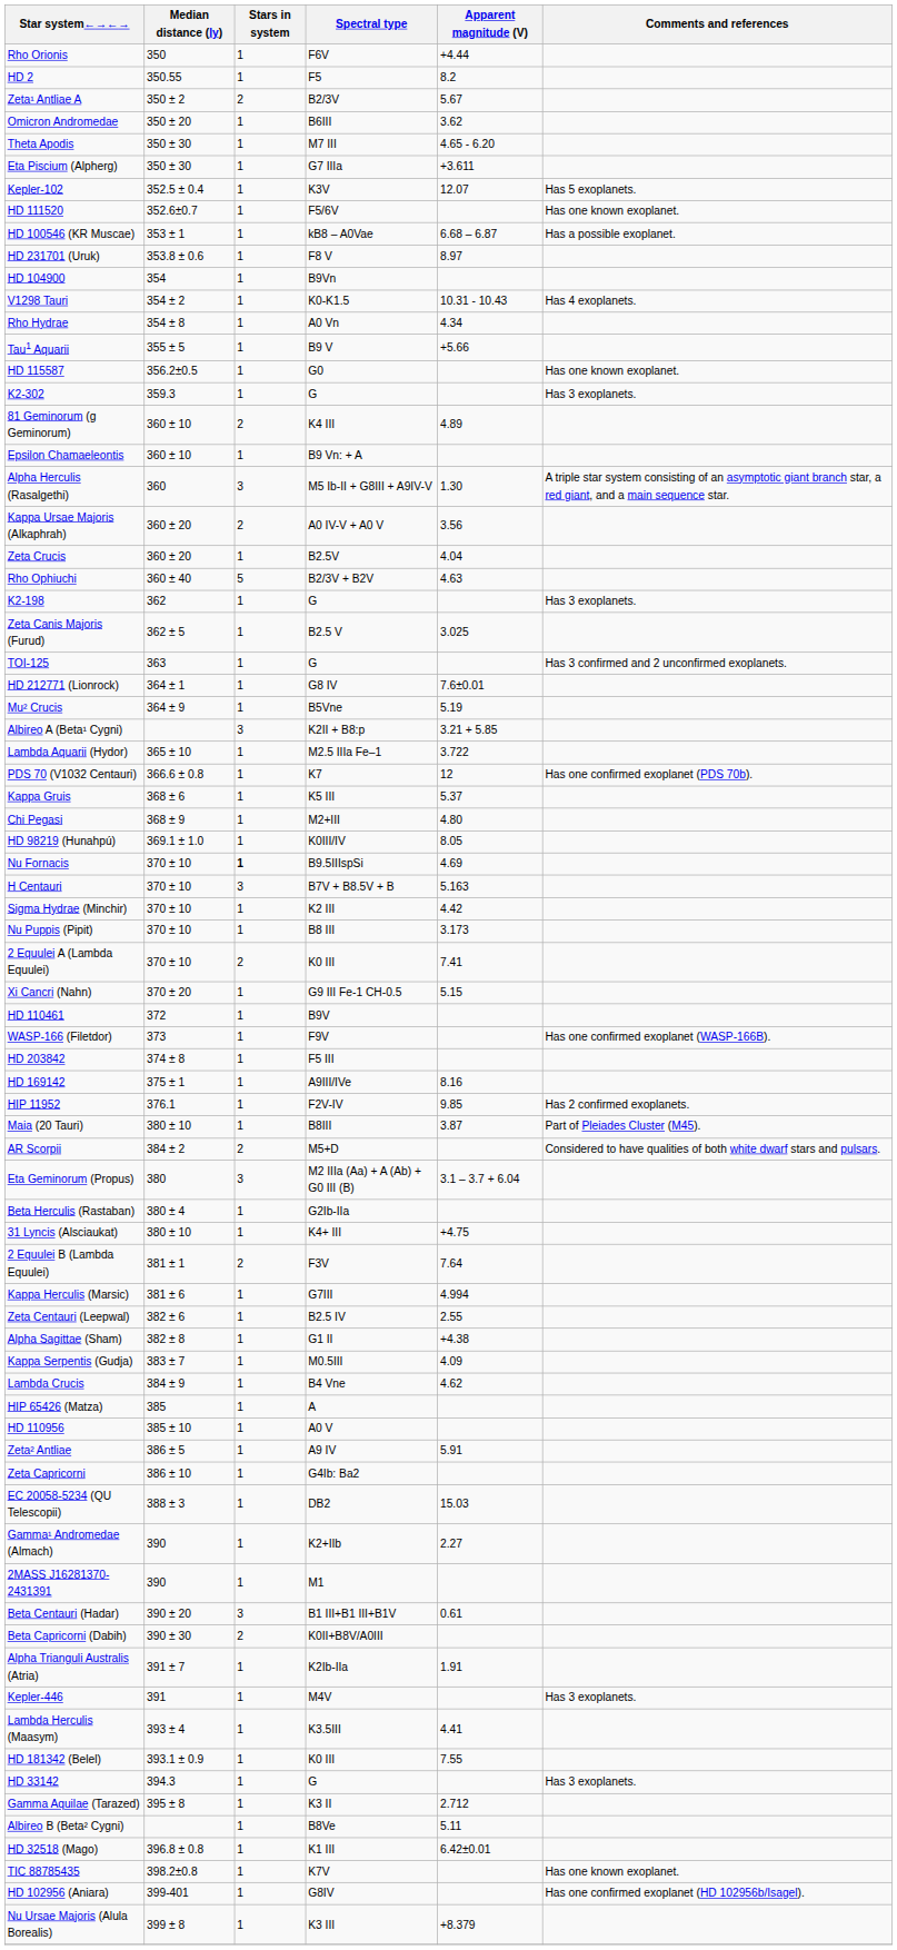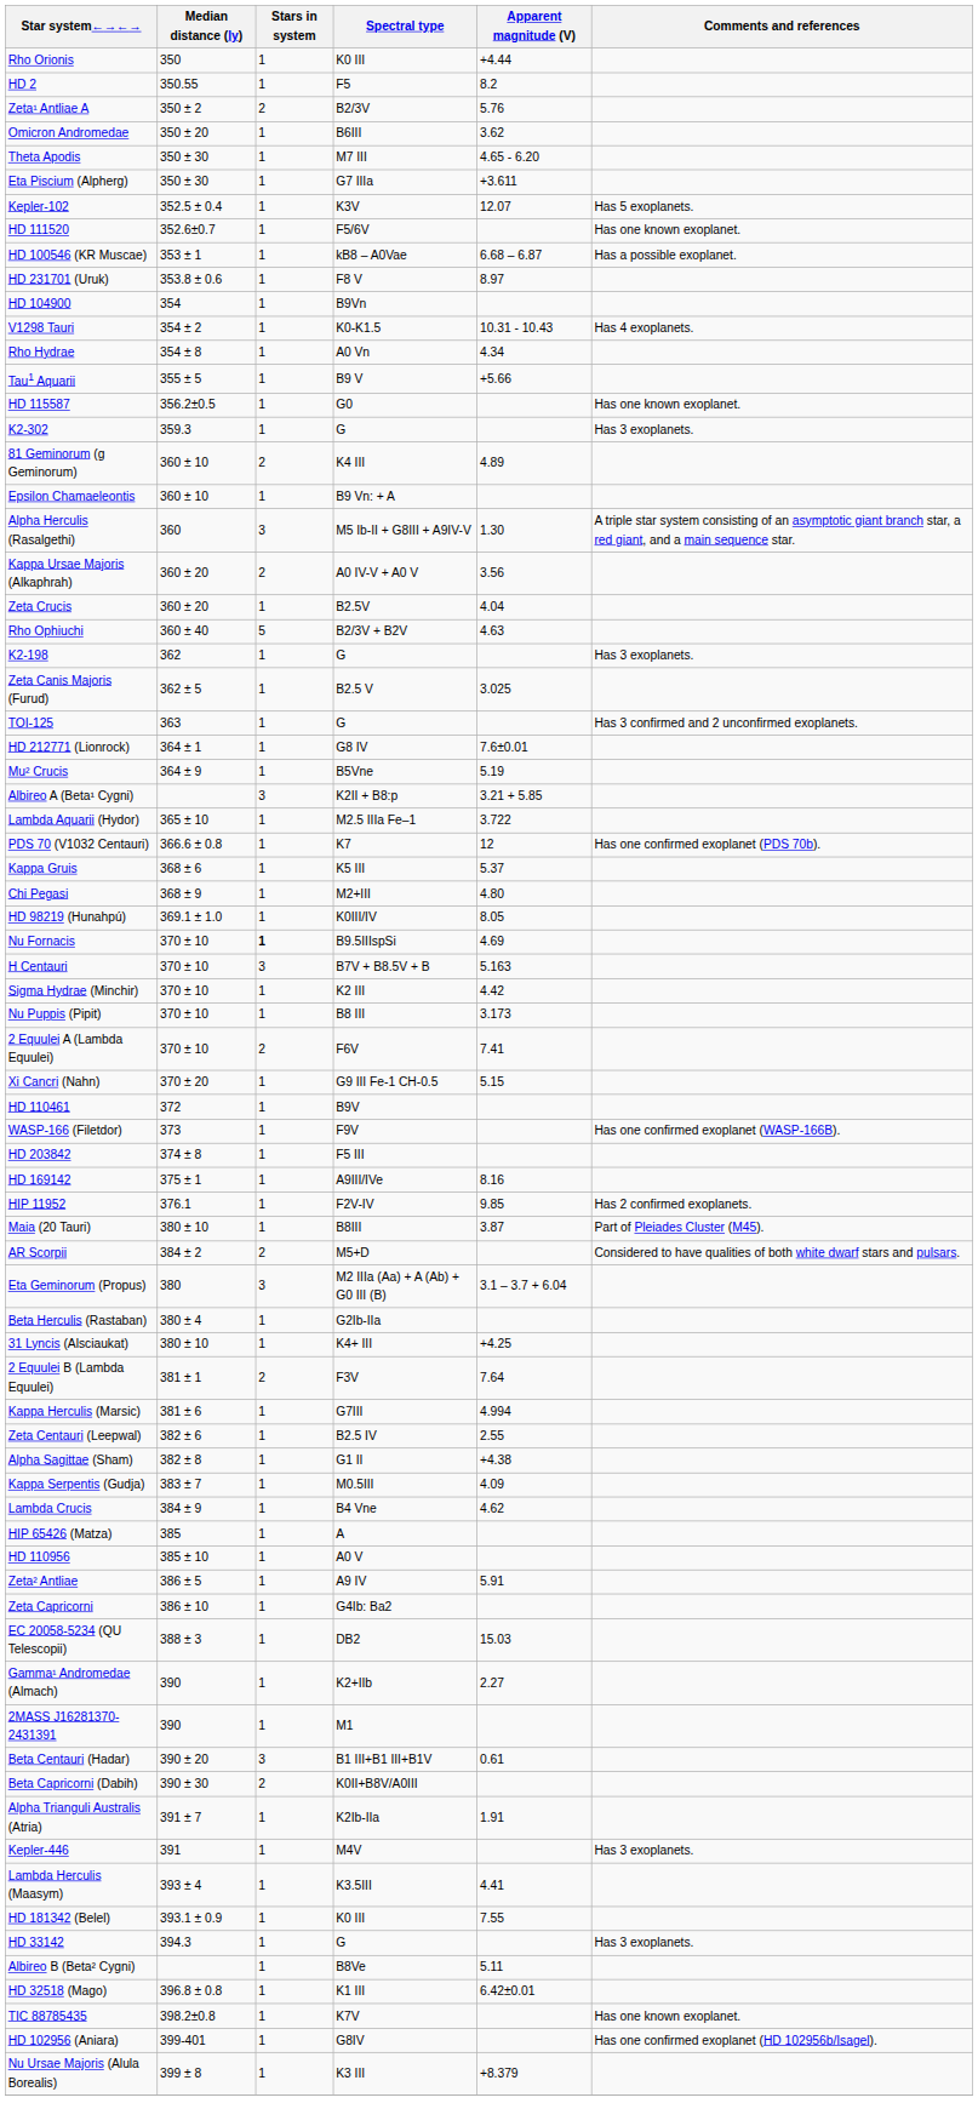 <table class="wikitable sortable" style="font-size:1.00em; line-height:1.5em; position:relative;">
 <tr>
 <th scope="col">Star system<span><a href='#'>←</a></span><span><a href='#'>→</a></span><span><a href='#'>←</a></span><span><a href='#'>→</a></span></th>
 <th scope="col">Median distance (<a href='#'>ly</a>)</th>
 <th scope="col">Stars in system</th>
 <th scope="col"><a href='#'>Spectral type</a></th>
 <th scope="col"><a href='#'>Apparent magnitude</a> (V)</th>
 <th scope="col">Comments and references</th>
 </tr>
 <tr>
 <td><a href='#'>Rho Orionis</a></td>
 <td>350</td>
 <td>1</td>
-<td style="background: ">F6V</td>
+<td style="background: ">K0 III</td>
 <td>+4.44</td>
 <td></td>
 </tr>
 <tr>
 <td><a href='#'>HD 2</a></td>
 <td>350.55</td>
 <td>1</td>
 <td style="background: ">F5</td>
 <td>8.2</td>
 <td></td>
 </tr>
 <tr>
 <td><a href='#'>Zeta¹ Antliae A</a></td>
 <td>350 ± 2</td>
 <td>2</td>
 <td style="background: ">B2/3V</td>
-<td>5.67</td>
+<td>5.76</td>
 <td></td>
 </tr>
 <tr>
 <td><a href='#'>Omicron Andromedae</a></td>
 <td>350 ± 20</td>
 <td>1</td>
 <td style="background: ">B6III</td>
 <td>3.62</td>
 <td></td>
 </tr>
 <tr>
 <td><a href='#'>Theta Apodis</a></td>
 <td>350 ± 30</td>
 <td>1</td>
 <td style="background: ">M7 III</td>
 <td>4.65 - 6.20</td>
 <td></td>
 </tr>
 <tr>
 <td><a href='#'>Eta Piscium</a> (Alpherg)</td>
 <td>350 ± 30</td>
 <td>1</td>
 <td style="background: ">G7 IIIa</td>
 <td>+3.611</td>
 <td></td>
 </tr>
 <tr>
 <td><a href='#'>Kepler-102</a></td>
 <td>352.5 ± 0.4</td>
 <td>1</td>
 <td style="background: ">K3V</td>
 <td>12.07</td>
 <td>Has 5 exoplanets.</td>
 </tr>
 <tr>
 <td><a href='#'>HD 111520</a></td>
 <td>352.6±0.7</td>
 <td>1</td>
 <td style="background: ">F5/6V</td>
 <td></td>
 <td>Has one known exoplanet.</td>
 </tr>
 <tr>
 <td><a href='#'>HD 100546</a> (KR Muscae)</td>
 <td>353 ± 1</td>
 <td>1</td>
 <td style="background: ">kB8 – A0Vae</td>
 <td>6.68 – 6.87</td>
 <td>Has a possible exoplanet.</td>
 </tr>
 <tr>
 <td><a href='#'>HD 231701</a> (Uruk)</td>
 <td>353.8 ± 0.6</td>
 <td>1</td>
 <td style="background: ">F8 V</td>
 <td>8.97</td>
 <td></td>
 </tr>
 <tr>
 <td><a href='#'>HD 104900</a></td>
 <td>354</td>
 <td>1</td>
 <td style="background: ">B9Vn</td>
 <td></td>
 <td></td>
 </tr>
 <tr>
 <td><a href='#'>V1298 Tauri</a></td>
 <td>354 ± 2</td>
 <td>1</td>
 <td style="background: ">K0-K1.5</td>
 <td>10.31 - 10.43</td>
 <td>Has 4 exoplanets.</td>
 </tr>
 <tr>
 <td><a href='#'>Rho Hydrae</a></td>
 <td>354 ± 8</td>
 <td>1</td>
 <td style="background: ">A0 Vn</td>
 <td>4.34</td>
 <td></td>
 </tr>
 <tr>
 <td><a href='#'>Tau<sup>1</sup> Aquarii</a></td>
 <td>355 ± 5</td>
 <td>1</td>
 <td style="background: ">B9 V</td>
 <td>+5.66</td>
 <td></td>
 </tr>
 <tr>
 <td><a href='#'>HD 115587</a></td>
 <td>356.2±0.5</td>
 <td>1</td>
 <td style="background: ">G0</td>
 <td></td>
 <td>Has one known exoplanet.</td>
 </tr>
 <tr>
 <td><a href='#'>K2-302</a></td>
 <td>359.3</td>
 <td>1</td>
 <td style="background: ">G</td>
 <td></td>
 <td>Has 3 exoplanets.</td>
 </tr>
 <tr>
 <td><a href='#'>81 Geminorum</a> (g Geminorum)</td>
 <td>360 ± 10</td>
 <td>2</td>
 <td style="background: ">K4 III</td>
 <td>4.89</td>
 <td></td>
 </tr>
 <tr>
 <td><a href='#'>Epsilon Chamaeleontis</a></td>
 <td>360 ± 10</td>
 <td>1</td>
 <td style="background: ">B9 Vn: + A</td>
 <td></td>
 <td></td>
 </tr>
 <tr>
 <td><a href='#'>Alpha Herculis</a> (Rasalgethi)</td>
 <td>360</td>
 <td>3</td>
 <td style="background: ">M5 Ib-II + G8III + A9IV-V</td>
 <td>1.30</td>
 <td>A triple star system consisting of an <a href='#'>asymptotic giant branch</a> star, a <a href='#'>red giant</a>, and a <a href='#'>main sequence</a> star.</td>
 </tr>
 <tr>
 <td><a href='#'>Kappa Ursae Majoris</a> (Alkaphrah)</td>
 <td>360 ± 20</td>
 <td>2</td>
 <td style="background: ">A0 IV-V + A0 V</td>
 <td>3.56</td>
 <td></td>
 </tr>
 <tr>
 <td><a href='#'>Zeta Crucis</a></td>
 <td>360 ± 20</td>
 <td>1</td>
 <td style="background: ">B2.5V</td>
 <td>4.04</td>
 <td></td>
 </tr>
 <tr>
 <td><a href='#'>Rho Ophiuchi</a></td>
 <td>360 ± 40</td>
 <td>5</td>
 <td style="background: ">B2/3V + B2V</td>
 <td>4.63</td>
 <td></td>
 </tr>
 <tr>
 <td><a href='#'>K2-198</a></td>
 <td>362</td>
 <td>1</td>
 <td style="background: ">G</td>
 <td></td>
 <td>Has 3 exoplanets.</td>
 </tr>
 <tr>
 <td><a href='#'>Zeta Canis Majoris</a> (Furud)</td>
 <td>362 ± 5</td>
 <td>1</td>
 <td style="background: ">B2.5 V</td>
 <td>3.025</td>
 <td></td>
 </tr>
 <tr>
 <td><a href='#'>TOI-125</a></td>
 <td>363</td>
 <td>1</td>
 <td style="background: ">G</td>
 <td></td>
 <td>Has 3 confirmed and 2 unconfirmed exoplanets.</td>
 </tr>
 <tr>
 <td><a href='#'>HD 212771</a> (Lionrock)</td>
 <td>364 ± 1</td>
 <td>1</td>
 <td style="background: ">G8 IV</td>
 <td>7.6±0.01</td>
 <td></td>
 </tr>
 <tr>
 <td><a href='#'>Mu² Crucis</a></td>
 <td>364 ± 9</td>
 <td>1</td>
 <td style="background: ">B5Vne</td>
 <td>5.19</td>
 <td></td>
 </tr>
 <tr>
 <td><a href='#'>Albireo</a> A (Beta¹ Cygni)</td>
 <td></td>
 <td>3</td>
 <td style="background: ">K2II + B8:p</td>
 <td>3.21 + 5.85</td>
 <td></td>
 </tr>
 <tr>
 <td><a href='#'>Lambda Aquarii</a> (Hydor)</td>
 <td>365 ± 10</td>
 <td>1</td>
 <td style="background: ">M2.5 IIIa Fe–1</td>
 <td>3.722</td>
 <td></td>
 </tr>
 <tr>
 <td><a href='#'>PDS 70</a> (V1032 Centauri)</td>
 <td>366.6 ± 0.8</td>
 <td>1</td>
 <td style="background: ">K7</td>
 <td>12</td>
 <td>Has one confirmed exoplanet (<a href='#'>PDS 70b</a>).</td>
 </tr>
 <tr>
 <td><a href='#'>Kappa Gruis</a></td>
 <td>368 ± 6</td>
 <td>1</td>
 <td style="background: ">K5 III</td>
 <td>5.37</td>
 <td></td>
 </tr>
 <tr>
 <td><a href='#'>Chi Pegasi</a></td>
 <td>368 ± 9</td>
 <td>1</td>
 <td style="background: ">M2+III</td>
 <td>4.80</td>
 <td></td>
 </tr>
 <tr>
 <td><a href='#'>HD 98219</a> (Hunahpú)</td>
 <td>369.1 ± 1.0</td>
 <td>1</td>
 <td style="background: ">K0III/IV</td>
 <td>8.05</td>
 <td></td>
 </tr>
 <tr>
 <td><a href='#'>Nu Fornacis</a></td>
 <td>370 ± 10</td>
 <td><strong>1</strong></td>
 <td style="background: ">B9.5IIIspSi</td>
 <td>4.69</td>
 <td></td>
 </tr>
 <tr>
 <td><a href='#'>H Centauri</a></td>
 <td>370 ± 10</td>
 <td>3</td>
 <td style="background: ">B7V + B8.5V + B</td>
 <td>5.163</td>
 <td></td>
 </tr>
 <tr>
 <td><a href='#'>Sigma Hydrae</a> (Minchir)</td>
 <td>370 ± 10</td>
 <td>1</td>
 <td style="background: ">K2 III</td>
 <td>4.42</td>
 <td></td>
 </tr>
 <tr>
 <td><a href='#'>Nu Puppis</a> (Pipit)</td>
 <td>370 ± 10</td>
 <td>1</td>
 <td style="background: ">B8 III</td>
 <td>3.173</td>
 <td></td>
 </tr>
 <tr>
 <td><a href='#'>2 Equulei</a> A (Lambda Equulei)</td>
 <td>370 ± 10</td>
 <td>2</td>
-<td style="background: ">K0 III</td>
+<td style="background: ">F6V</td>
 <td>7.41</td>
 <td></td>
 </tr>
 <tr>
 <td><a href='#'>Xi Cancri</a> (Nahn)</td>
 <td>370 ± 20</td>
 <td>1</td>
 <td style="background: ">G9 III Fe-1 CH-0.5</td>
 <td>5.15</td>
 <td></td>
 </tr>
 <tr>
 <td><a href='#'>HD 110461</a></td>
 <td>372</td>
 <td>1</td>
 <td style="background: ">B9V</td>
 <td></td>
 <td></td>
 </tr>
 <tr>
 <td><a href='#'>WASP-166</a> (Filetdor)</td>
 <td>373</td>
 <td>1</td>
 <td style="background: ">F9V</td>
 <td></td>
 <td>Has one confirmed exoplanet (<a href='#'>WASP-166B</a>).</td>
 </tr>
 <tr>
 <td><a href='#'>HD 203842</a></td>
 <td>374 ± 8</td>
 <td>1</td>
 <td style="background: ">F5 III</td>
 <td></td>
 <td></td>
 </tr>
 <tr>
 <td><a href='#'>HD 169142</a></td>
 <td>375 ± 1</td>
 <td>1</td>
 <td style="background: ">A9III/IVe</td>
 <td>8.16</td>
 <td></td>
 </tr>
 <tr>
 <td><a href='#'>HIP 11952</a></td>
 <td>376.1</td>
 <td>1</td>
 <td style="background: ">F2V-IV</td>
 <td>9.85</td>
 <td>Has 2 confirmed exoplanets.</td>
 </tr>
 <tr>
 <td><a href='#'>Maia</a> (20 Tauri)</td>
 <td>380 ± 10</td>
 <td>1</td>
 <td style="background: ">B8III</td>
 <td>3.87</td>
 <td>Part of <a href='#'>Pleiades Cluster</a> (<a href='#'>M45</a>).</td>
 </tr>
 <tr>
 <td><a href='#'>AR Scorpii</a></td>
 <td>384 ± 2</td>
 <td>2</td>
 <td style="background: ">M5+D</td>
 <td></td>
 <td>Considered to have qualities of both <a href='#'>white dwarf</a> stars and <a href='#'>pulsars</a>.</td>
 </tr>
 <tr>
 <td><a href='#'>Eta Geminorum</a> (Propus)</td>
 <td>380</td>
 <td>3</td>
 <td style="background: ">M2 IIIa (Aa) + A (Ab) + G0 III (B)</td>
 <td>3.1 – 3.7 + 6.04</td>
 <td></td>
 </tr>
 <tr>
 <td><a href='#'>Beta Herculis</a> (Rastaban)</td>
 <td>380 ± 4</td>
 <td>1</td>
 <td style="background: ">G2Ib-IIa</td>
 <td></td>
 <td></td>
 </tr>
 <tr>
 <td><a href='#'>31 Lyncis</a> (Alsciaukat)</td>
 <td>380 ± 10</td>
 <td>1</td>
 <td style="background: ">K4+ III</td>
-<td>+4.75</td>
+<td>+4.25</td>
 <td></td>
 </tr>
 <tr>
 <td><a href='#'>2 Equulei</a> B (Lambda Equulei)</td>
 <td>381 ± 1</td>
 <td>2</td>
 <td style="background: ">F3V</td>
 <td>7.64</td>
 <td></td>
 </tr>
 <tr>
 <td><a href='#'>Kappa Herculis</a> (Marsic)</td>
 <td>381 ± 6</td>
 <td>1</td>
 <td style="background: ">G7III</td>
 <td>4.994</td>
 <td></td>
 </tr>
 <tr>
 <td><a href='#'>Zeta Centauri</a> (Leepwal)</td>
 <td>382 ± 6</td>
 <td>1</td>
 <td style="background: ">B2.5 IV</td>
 <td>2.55</td>
 <td></td>
 </tr>
 <tr>
 <td><a href='#'>Alpha Sagittae</a> (Sham)</td>
 <td>382 ± 8</td>
 <td>1</td>
 <td style="background: ">G1 II</td>
 <td>+4.38</td>
 <td></td>
 </tr>
 <tr>
 <td><a href='#'>Kappa Serpentis</a> (Gudja)</td>
 <td>383 ± 7</td>
 <td>1</td>
 <td style="background: ">M0.5III</td>
 <td>4.09</td>
 <td></td>
 </tr>
 <tr>
 <td><a href='#'>Lambda Crucis</a></td>
 <td>384 ± 9</td>
 <td>1</td>
 <td style="background: ">B4 Vne</td>
 <td>4.62</td>
 <td></td>
 </tr>
 <tr>
 <td><a href='#'>HIP 65426</a> (Matza)</td>
 <td>385</td>
 <td>1</td>
 <td style="background: ">A</td>
 <td></td>
 <td></td>
 </tr>
 <tr>
 <td><a href='#'>HD 110956</a></td>
 <td>385 ± 10</td>
 <td>1</td>
 <td style="background: ">A0 V</td>
 <td></td>
 <td></td>
 </tr>
 <tr>
 <td><a href='#'>Zeta² Antliae</a></td>
 <td>386 ± 5</td>
 <td>1</td>
 <td style="background: ">A9 IV</td>
 <td>5.91</td>
 <td></td>
 </tr>
 <tr>
 <td><a href='#'>Zeta Capricorni</a></td>
 <td>386 ± 10</td>
 <td>1</td>
 <td style="background: ">G4Ib: Ba2</td>
 <td></td>
 <td></td>
 </tr>
 <tr>
 <td><a href='#'>EC 20058-5234</a> (QU Telescopii)</td>
 <td>388 ± 3</td>
 <td>1</td>
 <td style="background: ">DB2</td>
 <td>15.03</td>
 <td></td>
 </tr>
 <tr>
 <td><a href='#'>Gamma¹ Andromedae</a> (Almach)</td>
 <td>390</td>
 <td>1</td>
 <td style="background: ">K2+IIb</td>
 <td>2.27</td>
 <td></td>
 </tr>
 <tr>
 <td><a href='#'>2MASS J16281370-2431391</a></td>
 <td>390</td>
 <td>1</td>
 <td style="background: ">M1</td>
 <td></td>
 <td></td>
 </tr>
 <tr>
 <td><a href='#'>Beta Centauri</a> (Hadar)</td>
 <td>390 ± 20</td>
 <td>3</td>
 <td style="background: ">B1 III+B1 III+B1V</td>
 <td>0.61</td>
 <td></td>
 </tr>
 <tr>
 <td><a href='#'>Beta Capricorni</a> (Dabih)</td>
 <td>390 ± 30</td>
 <td>2</td>
 <td style="background: ">K0II+B8V/A0III</td>
 <td></td>
 <td></td>
 </tr>
 <tr>
 <td><a href='#'>Alpha Trianguli Australis</a> (Atria)</td>
 <td>391 ± 7</td>
 <td>1</td>
 <td style="background: ">K2Ib-IIa</td>
 <td>1.91</td>
 <td></td>
 </tr>
 <tr>
 <td><a href='#'>Kepler-446</a></td>
 <td>391</td>
 <td>1</td>
 <td style="background: ">M4V</td>
 <td></td>
 <td>Has 3 exoplanets.</td>
 </tr>
 <tr>
 <td><a href='#'>Lambda Herculis</a> (Maasym)</td>
 <td>393 ± 4</td>
 <td>1</td>
 <td style="background: ">K3.5III</td>
 <td>4.41</td>
 <td></td>
 </tr>
 <tr>
 <td><a href='#'>HD 181342</a> (Belel)</td>
 <td>393.1 ± 0.9</td>
 <td>1</td>
 <td style="background: ">K0 III</td>
 <td>7.55</td>
 <td></td>
 </tr>
 <tr>
 <td><a href='#'>HD 33142</a></td>
 <td>394.3</td>
 <td>1</td>
 <td style="background: ">G</td>
 <td></td>
 <td>Has 3 exoplanets.</td>
 </tr>
 <tr>
-<td><a href='#'>Gamma Aquilae</a> (Tarazed)</td>
-<td>395 ± 8</td>
-<td>1</td>
-<td style="background: ">K3 II</td>
-<td>2.712</td>
-<td></td>
-</tr>
-<tr>
 <td><a href='#'>Albireo</a> B (Beta² Cygni)</td>
 <td></td>
 <td>1</td>
 <td style="background: ">B8Ve</td>
 <td>5.11</td>
 <td></td>
 </tr>
 <tr>
 <td><a href='#'>HD 32518</a> (Mago)</td>
 <td>396.8 ± 0.8</td>
 <td>1</td>
 <td style="background: ">K1 III</td>
 <td>6.42±0.01</td>
 <td></td>
 </tr>
 <tr>
 <td><a href='#'>TIC 88785435</a></td>
 <td>398.2±0.8</td>
 <td>1</td>
 <td style="background: ">K7V</td>
 <td></td>
 <td>Has one known exoplanet.</td>
 </tr>
 <tr>
 <td><a href='#'>HD 102956</a> (Aniara)</td>
 <td>399-401</td>
 <td>1</td>
 <td style="background: ">G8IV</td>
 <td></td>
 <td>Has one confirmed exoplanet (<a href='#'>HD 102956b/Isagel</a>).</td>
 </tr>
 <tr>
 <td><a href='#'>Nu Ursae Majoris</a> (Alula Borealis)</td>
 <td>399 ± 8</td>
 <td>1</td>
 <td style="background: ">K3 III</td>
 <td>+8.379</td>
 <td></td>
 </tr>
 <tr>
 </tr>
 </table>
